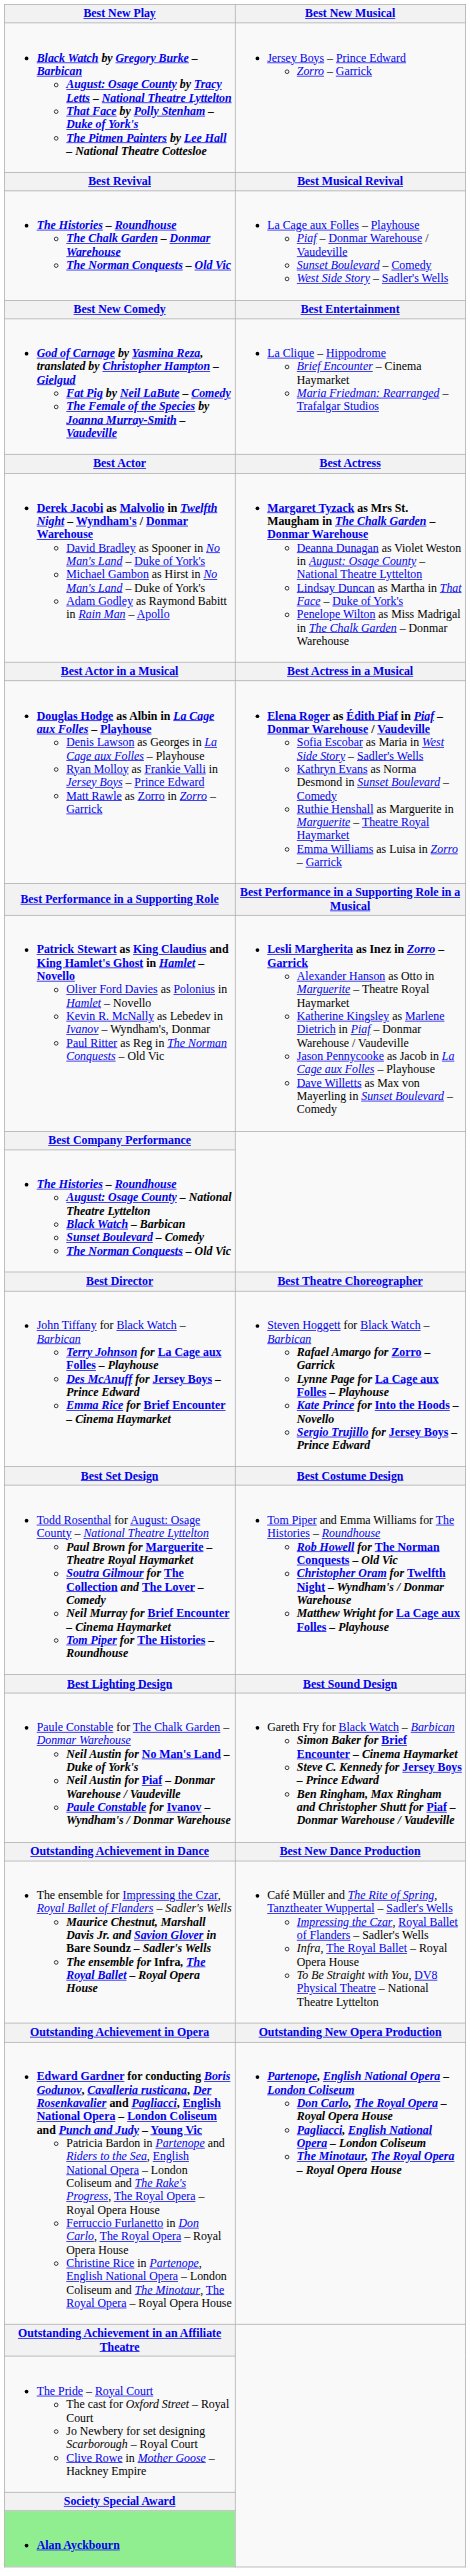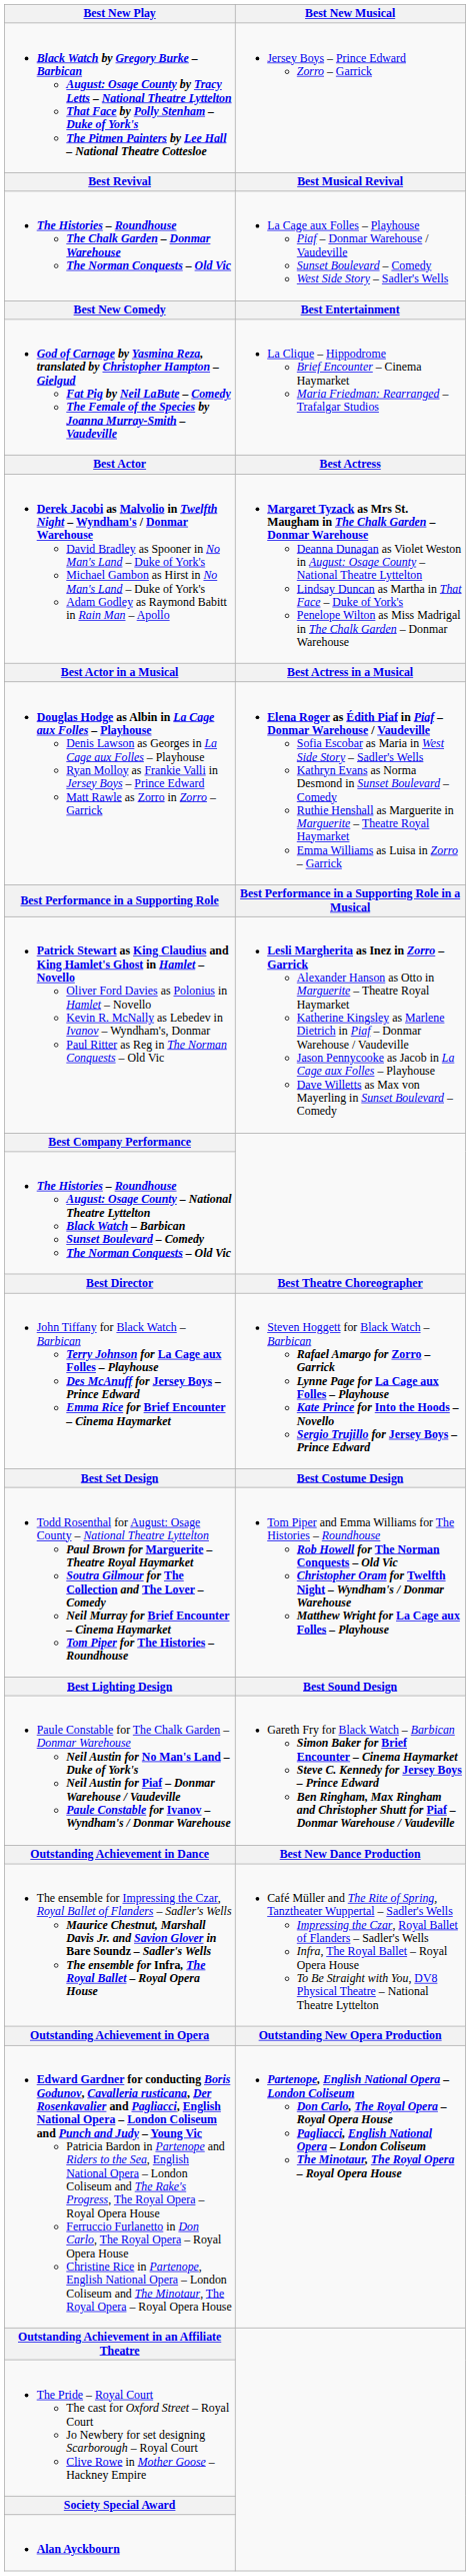 <table class=wikitable width="100%">
 <tr>
 <th width="50%"><a href='#'>Best New Play</a></th>
 <th width="50%"><a href='#'>Best New Musical</a></th>
 </tr>
 <tr>
 <td valign="top"><br><ul><li><strong><em><a href='#'>Black Watch</a><em> by <a href='#'>Gregory Burke</a> – <a href='#'>Barbican</a><strong><ul><li></em><a href='#'>August: Osage County</a><em> by <a href='#'>Tracy Letts</a> – <a href='#'>National Theatre Lyttelton</a></li><li></em><a href='#'>That Face</a><em> by <a href='#'>Polly Stenham</a> – <a href='#'>Duke of York's</a></li><li></em><a href='#'>The Pitmen Painters</a><em> by <a href='#'>Lee Hall</a> – National Theatre Cottesloe</li></ul></li></ul></td>
 <td valign="top"><br><ul><li></em></strong><a href='#'>Jersey Boys</a></em> – <a href='#'>Prince Edward</a></strong><ul><li><em><a href='#'>Zorro</a></em> – <a href='#'>Garrick</a></li></ul></li></ul></td>
 </tr>
 <tr>
 <th width="50%"><a href='#'>Best Revival</a></th>
 <th width="50%"><a href='#'>Best Musical Revival</a></th>
 </tr>
 <tr>
 <td valign="top"><br><ul><li><strong><em><a href='#'>The Histories</a><em> – <a href='#'>Roundhouse</a><strong><ul><li></em><a href='#'>The Chalk Garden</a><em> – <a href='#'>Donmar Warehouse</a></li><li></em><a href='#'>The Norman Conquests</a><em> – <a href='#'>Old Vic</a></li></ul></li></ul></td>
 <td valign="top"><br><ul><li></em></strong><a href='#'>La Cage aux Folles</a></em> – <a href='#'>Playhouse</a></strong><ul><li><em><a href='#'>Piaf</a></em> – <a href='#'>Donmar Warehouse</a> / <a href='#'>Vaudeville</a></li><li><em><a href='#'>Sunset Boulevard</a></em> – <a href='#'>Comedy</a></li><li><em><a href='#'>West Side Story</a></em> – <a href='#'>Sadler's Wells</a></li></ul></li></ul></td>
 </tr>
 <tr>
 <th width="50%"><a href='#'>Best New Comedy</a></th>
 <th width="50%"><a href='#'>Best Entertainment</a></th>
 </tr>
 <tr>
 <td valign="top"><br><ul><li><strong><em><a href='#'>God of Carnage</a><em> by <a href='#'>Yasmina Reza</a>, translated by <a href='#'>Christopher Hampton</a> – <a href='#'>Gielgud</a><strong><ul><li></em><a href='#'>Fat Pig</a><em> by <a href='#'>Neil LaBute</a> – <a href='#'>Comedy</a></li><li></em><a href='#'>The Female of the Species</a><em> by <a href='#'>Joanna Murray-Smith</a> – <a href='#'>Vaudeville</a></li></ul></li></ul></td>
 <td valign="top"><br><ul><li></em></strong><a href='#'>La Clique</a></em> – <a href='#'>Hippodrome</a></strong><ul><li><em><a href='#'>Brief Encounter</a></em> – Cinema Haymarket</li><li><em><a href='#'>Maria Friedman: Rearranged</a></em> – <a href='#'>Trafalgar Studios</a></li></ul></li></ul></td>
 </tr>
 <tr>
 <th width="50%"><a href='#'>Best Actor</a></th>
 <th width="50%"><a href='#'>Best Actress</a></th>
 </tr>
 <tr>
 <td valign="top"><br><ul><li><strong><a href='#'>Derek Jacobi</a> as <a href='#'>Malvolio</a> in <em><a href='#'>Twelfth Night</a></em> – <a href='#'>Wyndham's</a> / <a href='#'>Donmar Warehouse</a></strong><ul><li><a href='#'>David Bradley</a> as Spooner in <em><a href='#'>No Man's Land</a></em> – <a href='#'>Duke of York's</a></li><li><a href='#'>Michael Gambon</a> as Hirst in <em><a href='#'>No Man's Land</a></em> – Duke of York's</li><li><a href='#'>Adam Godley</a> as Raymond Babitt in <em><a href='#'>Rain Man</a></em> – <a href='#'>Apollo</a></li></ul></li></ul></td>
 <td valign="top"><br><ul><li><strong><a href='#'>Margaret Tyzack</a> as Mrs St. Maugham in <em><a href='#'>The Chalk Garden</a></em> – <a href='#'>Donmar Warehouse</a></strong><ul><li><a href='#'>Deanna Dunagan</a> as Violet Weston in <em><a href='#'>August: Osage County</a></em> – <a href='#'>National Theatre Lyttelton</a></li><li><a href='#'>Lindsay Duncan</a> as Martha in <em><a href='#'>That Face</a></em> – <a href='#'>Duke of York's</a></li><li><a href='#'>Penelope Wilton</a> as Miss Madrigal in <em><a href='#'>The Chalk Garden</a></em> –  Donmar Warehouse</li></ul></li></ul></td>
 </tr>
 <tr>
 <th width="50%"><a href='#'>Best Actor in a Musical</a></th>
 <th width="50%"><a href='#'>Best Actress in a Musical</a></th>
 </tr>
 <tr>
 <td valign="top"><br><ul><li><strong><a href='#'>Douglas Hodge</a> as Albin in <em><a href='#'>La Cage aux Folles</a></em> – <a href='#'>Playhouse</a></strong><ul><li><a href='#'>Denis Lawson</a> as Georges in <em><a href='#'>La Cage aux Folles</a></em> – Playhouse</li><li><a href='#'>Ryan Molloy</a> as <a href='#'>Frankie Valli</a> in <em><a href='#'>Jersey Boys</a></em> – <a href='#'>Prince Edward</a></li><li><a href='#'>Matt Rawle</a> as <a href='#'>Zorro</a> in <em><a href='#'>Zorro</a></em> – <a href='#'>Garrick</a></li></ul></li></ul></td>
 <td valign="top"><br><ul><li><strong><a href='#'>Elena Roger</a> as <a href='#'>Édith Piaf</a> in <em><a href='#'>Piaf</a></em> – <a href='#'>Donmar Warehouse</a> / <a href='#'>Vaudeville</a></strong><ul><li><a href='#'>Sofia Escobar</a> as Maria in <em><a href='#'>West Side Story</a></em> – <a href='#'>Sadler's Wells</a></li><li><a href='#'>Kathryn Evans</a> as Norma Desmond in <em><a href='#'>Sunset Boulevard</a></em> – <a href='#'>Comedy</a></li><li><a href='#'>Ruthie Henshall</a> as Marguerite in <em><a href='#'>Marguerite</a></em> – <a href='#'>Theatre Royal Haymarket</a></li><li><a href='#'>Emma Williams</a> as Luisa in <em><a href='#'>Zorro</a></em> – <a href='#'>Garrick</a></li></ul></li></ul></td>
 </tr>
 <tr>
 <th width="50%"><a href='#'>Best Performance in a Supporting Role</a></th>
 <th width="50%"><a href='#'>Best Performance in a Supporting Role in a Musical</a></th>
 </tr>
 <tr>
 <td valign="top"><br><ul><li><strong><a href='#'>Patrick Stewart</a> as <a href='#'>King Claudius</a> and <a href='#'>King Hamlet's Ghost</a> in <em><a href='#'>Hamlet</a></em> – <a href='#'>Novello</a></strong><ul><li><a href='#'>Oliver Ford Davies</a> as <a href='#'>Polonius</a> in <em><a href='#'>Hamlet</a></em> – Novello</li><li><a href='#'>Kevin R. McNally</a> as Lebedev in <em><a href='#'>Ivanov</a></em> – Wyndham's, Donmar</li><li><a href='#'>Paul Ritter</a> as Reg in <em><a href='#'>The Norman Conquests</a></em> – Old Vic</li></ul></li></ul></td>
 <td valign="top"><br><ul><li><strong><a href='#'>Lesli Margherita</a> as Inez in <em><a href='#'>Zorro</a></em> – <a href='#'>Garrick</a></strong><ul><li><a href='#'>Alexander Hanson</a> as Otto in <em><a href='#'>Marguerite</a></em> – Theatre Royal Haymarket</li><li><a href='#'>Katherine Kingsley</a> as <a href='#'>Marlene Dietrich</a> in <em><a href='#'>Piaf</a></em> – Donmar Warehouse / Vaudeville</li><li><a href='#'>Jason Pennycooke</a> as Jacob in <em><a href='#'>La Cage aux Folles</a></em> – Playhouse</li><li><a href='#'>Dave Willetts</a> as Max von Mayerling in <em><a href='#'>Sunset Boulevard</a></em> – Comedy</li></ul></li></ul></td>
 </tr>
 <tr>
 <th colspan=1><a href='#'>Best Company Performance</a></th>
 </tr>
 <tr>
 <td><br><ul><li><strong><em><a href='#'>The Histories</a><em> – <a href='#'>Roundhouse</a><strong><ul><li></em><a href='#'>August: Osage County</a><em> – National Theatre Lyttelton</li><li></em><a href='#'>Black Watch</a><em> – Barbican</li><li></em><a href='#'>Sunset Boulevard</a><em> – Comedy</li><li></em><a href='#'>The Norman Conquests</a><em> – Old Vic</li></ul></li></ul></td>
 </tr>
 <tr>
 <th width="50%"><a href='#'>Best Director</a></th>
 <th width="50%"><a href='#'>Best Theatre Choreographer</a></th>
 </tr>
 <tr>
 <td valign="top"><br><ul><li></strong><a href='#'>John Tiffany</a> for </em><a href='#'>Black Watch</a><em> – <a href='#'>Barbican</a><strong><ul><li><a href='#'>Terry Johnson</a> for </em><a href='#'>La Cage aux Folles</a><em> – Playhouse</li><li><a href='#'>Des McAnuff</a> for </em><a href='#'>Jersey Boys</a><em> – Prince Edward</li><li><a href='#'>Emma Rice</a> for </em><a href='#'>Brief Encounter</a><em> – Cinema Haymarket</li></ul></li></ul></td>
 <td valign="top"><br><ul><li></strong><a href='#'>Steven Hoggett</a> for </em><a href='#'>Black Watch</a><em> – <a href='#'>Barbican</a><strong><ul><li>Rafael Amargo for </em><a href='#'>Zorro</a><em> – Garrick</li><li>Lynne Page for </em><a href='#'>La Cage aux Folles</a><em> – Playhouse</li><li><a href='#'>Kate Prince</a> for </em><a href='#'>Into the Hoods</a><em> – Novello</li><li><a href='#'>Sergio Trujillo</a> for </em><a href='#'>Jersey Boys</a><em> – Prince Edward</li></ul></li></ul></td>
 </tr>
 <tr>
 <th width="50%"><a href='#'>Best Set Design</a></th>
 <th width="50%"><a href='#'>Best Costume Design</a></th>
 </tr>
 <tr>
 <td valign="top"><br><ul><li></strong><a href='#'>Todd Rosenthal</a> for </em><a href='#'>August: Osage County</a><em> – <a href='#'>National Theatre Lyttelton</a><strong><ul><li>Paul Brown for </em><a href='#'>Marguerite</a><em> – Theatre Royal Haymarket</li><li><a href='#'>Soutra Gilmour</a> for </em><a href='#'>The Collection</a><em> and </em><a href='#'>The Lover</a><em> – Comedy</li><li>Neil Murray for </em><a href='#'>Brief Encounter</a><em> – Cinema Haymarket</li><li><a href='#'>Tom Piper</a> for </em><a href='#'>The Histories</a><em> – Roundhouse</li></ul></li></ul></td>
 <td valign="top"><br><ul><li></strong><a href='#'>Tom Piper</a> and Emma Williams for </em><a href='#'>The Histories</a><em> – <a href='#'>Roundhouse</a><strong><ul><li><a href='#'>Rob Howell</a> for </em><a href='#'>The Norman Conquests</a><em> – Old Vic</li><li><a href='#'>Christopher Oram</a> for </em><a href='#'>Twelfth Night</a><em> – Wyndham's / Donmar Warehouse</li><li>Matthew Wright for </em><a href='#'>La Cage aux Folles</a><em> – Playhouse</li></ul></li></ul></td>
 </tr>
 <tr>
 <th width="50%"><a href='#'>Best Lighting Design</a></th>
 <th width="50%"><a href='#'>Best Sound Design</a></th>
 </tr>
 <tr>
 <td valign="top"><br><ul><li></strong><a href='#'>Paule Constable</a> for </em><a href='#'>The Chalk Garden</a><em> – <a href='#'>Donmar Warehouse</a><strong><ul><li>Neil Austin for </em><a href='#'>No Man's Land</a><em> – Duke of York's</li><li>Neil Austin for </em><a href='#'>Piaf</a><em> – Donmar Warehouse / Vaudeville</li><li><a href='#'>Paule Constable</a> for </em><a href='#'>Ivanov</a><em> – Wyndham's / Donmar Warehouse</li></ul></li></ul></td>
 <td valign="top"><br><ul><li></strong>Gareth Fry for </em><a href='#'>Black Watch</a><em> – <a href='#'>Barbican</a><strong><ul><li>Simon Baker for </em><a href='#'>Brief Encounter</a><em> – Cinema Haymarket</li><li>Steve C. Kennedy for </em><a href='#'>Jersey Boys</a><em> – Prince Edward</li><li>Ben Ringham, Max Ringham and Christopher Shutt for </em><a href='#'>Piaf</a><em> – Donmar Warehouse / Vaudeville</li></ul></li></ul></td>
 </tr>
 <tr>
 <th width="50%"><a href='#'>Outstanding Achievement in Dance</a></th>
 <th width="50%"><a href='#'>Best New Dance Production</a></th>
 </tr>
 <tr>
 <td valign="top"><br><ul><li></strong>The ensemble for </em><a href='#'>Impressing the Czar</a><em>, <a href='#'>Royal Ballet of Flanders</a> – Sadler's Wells<strong><ul><li>Maurice Chestnut, Marshall Davis Jr. and <a href='#'>Savion Glover</a> in </em>Bare Soundz<em> – Sadler's Wells</li><li>The ensemble for </em>Infra<em>, <a href='#'>The Royal Ballet</a> – Royal Opera House</li></ul></li></ul></td>
 <td valign="top"><br><ul><li></em></strong>Café Müller</em> and <em><a href='#'>The Rite of Spring</a></em>, <a href='#'>Tanztheater Wuppertal</a> – <a href='#'>Sadler's Wells</a></strong><ul><li><em><a href='#'>Impressing the Czar</a></em>, <a href='#'>Royal Ballet of Flanders</a> – Sadler's Wells</li><li><em>Infra</em>, <a href='#'>The Royal Ballet</a> – Royal Opera House</li><li><em>To Be Straight with You</em>, <a href='#'>DV8 Physical Theatre</a> – National Theatre Lyttelton</li></ul></li></ul></td>
 </tr>
 <tr>
 <th width="50%"><a href='#'>Outstanding Achievement in Opera</a></th>
 <th width="50%"><a href='#'>Outstanding New Opera Production</a></th>
 </tr>
 <tr>
 <td valign="top"><br><ul><li><strong><a href='#'>Edward Gardner</a> for conducting <em><a href='#'>Boris Godunov</a></em>, <em><a href='#'>Cavalleria rusticana</a></em>, <em><a href='#'>Der Rosenkavalier</a></em> and <em><a href='#'>Pagliacci</a></em>, <a href='#'>English National Opera</a> – <a href='#'>London Coliseum</a> and <em><a href='#'>Punch and Judy</a></em> – <a href='#'>Young Vic</a></strong><ul><li>Patricia Bardon in <em><a href='#'>Partenope</a></em> and <em><a href='#'>Riders to the Sea</a></em>, <a href='#'>English National Opera</a> – London Coliseum and <em><a href='#'>The Rake's Progress</a></em>, <a href='#'>The Royal Opera</a> – Royal Opera House</li><li><a href='#'>Ferruccio Furlanetto</a> in <em><a href='#'>Don Carlo</a></em>, <a href='#'>The Royal Opera</a> – Royal Opera House</li><li><a href='#'>Christine Rice</a> in <em><a href='#'>Partenope</a></em>, <a href='#'>English National Opera</a> – London Coliseum and <em><a href='#'>The Minotaur</a></em>, <a href='#'>The Royal Opera</a> – Royal Opera House</li></ul></li></ul></td>
 <td valign="top"><br><ul><li><strong><em><a href='#'>Partenope</a><em>, <a href='#'>English National Opera</a> – <a href='#'>London Coliseum</a><strong><ul><li></em><a href='#'>Don Carlo</a><em>, <a href='#'>The Royal Opera</a> – Royal Opera House</li><li></em><a href='#'>Pagliacci</a><em>, <a href='#'>English National Opera</a> – London Coliseum</li><li></em><a href='#'>The Minotaur</a><em>, <a href='#'>The Royal Opera</a> – Royal Opera House</li></ul></li></ul></td>
 </tr>
 <tr>
 <th colspan=1><a href='#'>Outstanding Achievement in an Affiliate Theatre</a></th>
 </tr>
 <tr>
 <td><br><ul><li></em></strong><a href='#'>The Pride</a></em> – <a href='#'>Royal Court</a></strong><ul><li>The cast for <em>Oxford Street</em> – Royal Court</li><li>Jo Newbery for set designing <em>Scarborough</em> – Royal Court</li><li><a href='#'>Clive Rowe</a> in <em><a href='#'>Mother Goose</a></em> – Hackney Empire</li></ul></li></ul></td>
 </tr>
 <tr>
 <th colspan=1><a href='#'>Society Special Award</a></th>
 </tr>
 <tr>
-<td style="background: lightgreen;"><br><ul><li><strong><a href='#'>Alan Ayckbourn</a></strong></li></ul></td>
+<td><br><ul><li><strong><a href='#'>Alan Ayckbourn</a></strong></li></ul></td>
 </tr>
 </table>
